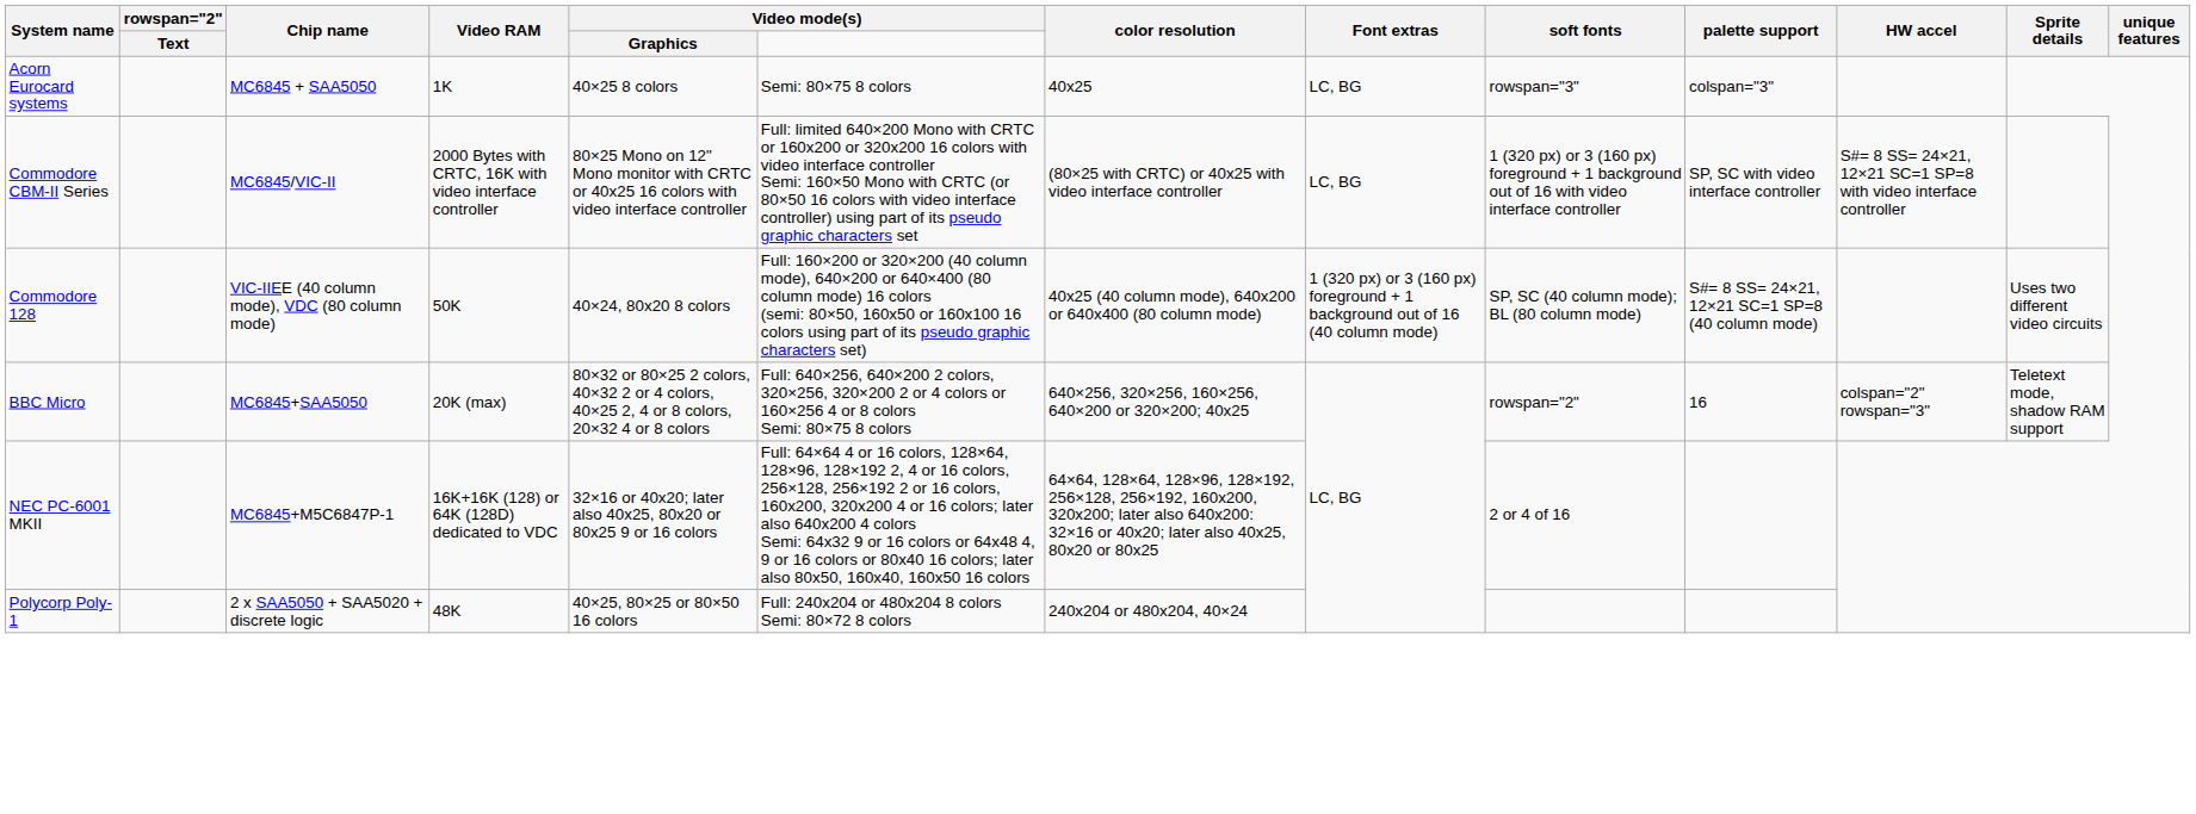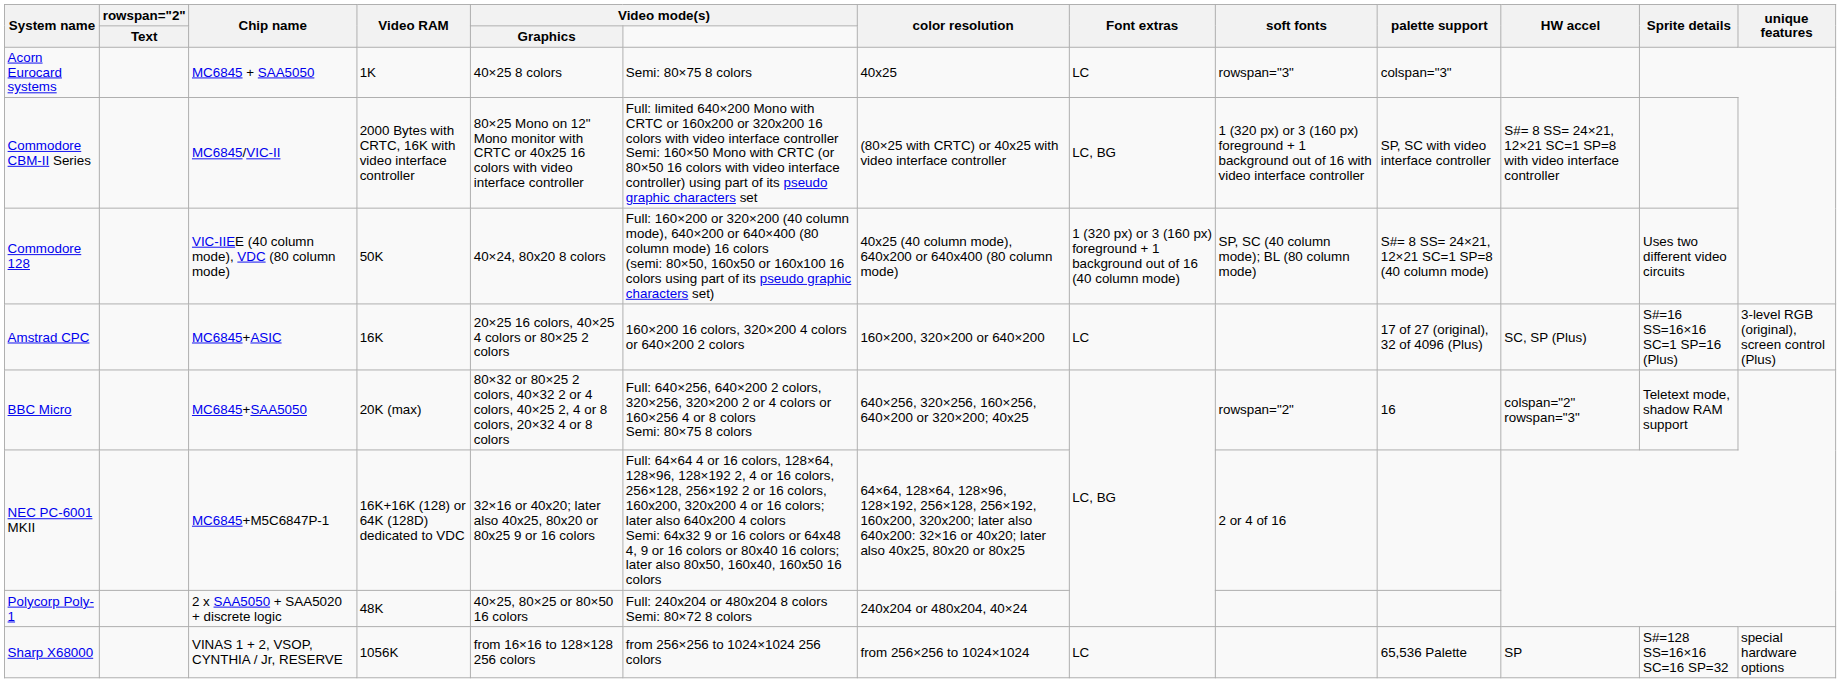 <table class="wikitable sortable sort-under" style="font-size: 90%;">
 <tr>
 <th rowspan="2">System name</th>
 <th>rowspan="2" </th>
 <th rowspan="2">Chip name</th>
 <th rowspan="2">Video RAM</th>
 <th colspan="2">Video mode(s)</th>
 <th rowspan="2">color resolution</th>
 <th rowspan="2">Font extras</th>
 <th rowspan="2">soft fonts</th>
 <th rowspan="2">palette support</th>
 <th rowspan="2">HW accel</th>
 <th rowspan="2">Sprite details</th>
 <th rowspan="2">unique features</th>
 </tr>
 <tr>
 <th>Text</th>
 <th>Graphics</th>
 </tr>
 <tr>
 <td><a href='#'>Acorn Eurocard systems</a></td>
 <td></td>
 <td><a href='#'>MC6845</a> + <a href='#'>SAA5050</a></td>
 <td>1K</td>
 <td>40×25 8 colors</td>
 <td>Semi: 80×75 8 colors</td>
 <td>40x25</td>
-<td>LC, BG</td>
+<td>LC</td>
 <td>rowspan="3" </td>
 <td>colspan="3" </td>
 <td></td>
 </tr>
 <tr>
 <td><a href='#'>Commodore CBM-II</a> Series</td>
 <td></td>
 <td><a href='#'>MC6845</a>/<a href='#'>VIC-II</a></td>
 <td>2000 Bytes with CRTC, 16K with video interface controller</td>
 <td>80×25 Mono on 12" Mono monitor with CRTC or 40x25 16 colors with video interface controller</td>
 <td>Full: limited 640×200 Mono with CRTC or 160x200 or 320x200 16 colors with video interface controller<br>Semi: 160×50 Mono with CRTC (or 80×50 16 colors with video interface controller) using part of its <a href='#'>pseudo graphic characters</a> set</td>
 <td>(80×25 with CRTC) or 40x25 with video interface controller</td>
 <td>LC, BG</td>
 <td>1 (320 px) or 3 (160 px) foreground + 1 background out of 16 with video interface controller</td>
 <td>SP, SC with video interface controller</td>
 <td>S#= 8 SS= 24×21, 12×21 SC=1 SP=8 with video interface controller</td>
 <td></td>
 </tr>
 <tr>
 <td><a href='#'>Commodore 128</a></td>
 <td></td>
 <td><a href='#'>VIC-IIE</a>E (40 column mode), <a href='#'>VDC</a> (80 column mode)</td>
 <td>50K</td>
 <td>40×24, 80x20 8 colors</td>
 <td>Full: 160×200 or 320×200 (40 column mode), 640×200 or 640×400 (80 column mode) 16 colors<br>(semi: 80×50, 160x50 or 160x100 16 colors using part of its <a href='#'>pseudo graphic characters</a> set)</td>
 <td>40x25 (40 column mode), 640x200 or 640x400 (80 column mode)</td>
 <td>1 (320 px) or 3 (160 px) foreground + 1 background out of 16 (40 column mode)</td>
 <td>SP, SC (40 column mode); BL (80 column mode)</td>
 <td>S#= 8 SS= 24×21, 12×21 SC=1 SP=8 (40 column mode)</td>
 <td></td>
 <td>Uses two different video circuits</td>
+</tr>
+<tr>
+<td><a href='#'>Amstrad CPC</a></td>
+<td></td>
+<td><a href='#'>MC6845</a>+<a href='#'>ASIC</a></td>
+<td>16K</td>
+<td>20×25 16 colors, 40×25 4 colors or 80×25 2 colors</td>
+<td>160×200 16 colors, 320×200 4 colors or 640×200 2 colors</td>
+<td>160×200, 320×200 or 640×200</td>
+<td>LC</td>
+<td></td>
+<td>17 of 27 (original), 32 of 4096 (Plus)</td>
+<td>SC, SP (Plus)</td>
+<td>S#=16 SS=16×16 SC=1 SP=16 (Plus)</td>
+<td>3-level RGB (original), screen control (Plus)</td>
 </tr>
 <tr>
 <td><a href='#'>BBC Micro</a></td>
 <td></td>
 <td><a href='#'>MC6845</a>+<a href='#'>SAA5050</a></td>
 <td>20K (max)</td>
 <td>80×32 or 80×25 2 colors, 40×32 2 or 4 colors, 40×25 2, 4 or 8 colors, 20×32 4 or 8 colors</td>
 <td>Full: 640×256, 640×200 2 colors, 320×256, 320×200 2 or 4 colors or 160×256 4 or 8 colors<br>Semi: 80×75 8 colors</td>
 <td>640×256, 320×256, 160×256, 640×200 or 320×200; 40x25</td>
 <td rowspan="3">LC, BG</td>
 <td>rowspan="2" </td>
 <td>16</td>
 <td>colspan="2" rowspan="3" </td>
 <td>Teletext mode, shadow RAM support</td>
 </tr>
 <tr>
 <td><a href='#'>NEC PC-6001</a> MKII</td>
 <td></td>
 <td><a href='#'>MC6845</a>+M5C6847P-1</td>
 <td>16K+16K (128) or 64K (128D) dedicated to VDC</td>
 <td>32×16 or 40x20; later also 40x25, 80x20 or 80x25 9 or 16 colors</td>
 <td>Full: 64×64 4 or 16 colors, 128×64, 128×96, 128×192 2, 4 or 16 colors, 256×128, 256×192 2 or 16 colors, 160x200, 320x200 4 or 16 colors; later also 640x200 4 colors<br>Semi: 64x32 9 or 16 colors or 64x48 4, 9 or 16 colors or 80x40 16 colors; later also 80x50, 160x40, 160x50 16 colors</td>
 <td>64×64, 128×64, 128×96, 128×192, 256×128, 256×192, 160x200, 320x200; later also 640x200: 32×16 or 40x20; later also 40x25, 80x20 or 80x25</td>
 <td>2 or 4 of 16</td>
 <td></td>
 </tr>
 <tr>
 <td><a href='#'>Polycorp Poly-1</a></td>
 <td></td>
 <td>2 x <a href='#'>SAA5050</a> + SAA5020 + discrete logic</td>
 <td>48K</td>
 <td>40×25, 80×25 or 80×50 16 colors</td>
 <td>Full: 240x204 or 480x204 8 colors<br>Semi: 80×72 8 colors</td>
 <td>240x204 or 480x204, 40×24</td>
 <td></td>
 <td Also used three ></td>
 </tr>
+<tr>
+<td><a href='#'>Sharp X68000</a></td>
+<td></td>
+<td>VINAS 1 + 2, VSOP, CYNTHIA / Jr, RESERVE</td>
+<td>1056K</td>
+<td>from 16×16 to 128×128 256 colors</td>
+<td>from 256×256 to 1024×1024 256 colors</td>
+<td>from 256×256 to 1024×1024</td>
+<td>LC</td>
+<td></td>
+<td>65,536 Palette</td>
+<td>SP</td>
+<td>S#=128 SS=16×16 SC=16 SP=32</td>
+<td>special hardware options</td>
+</tr>
 </table>
